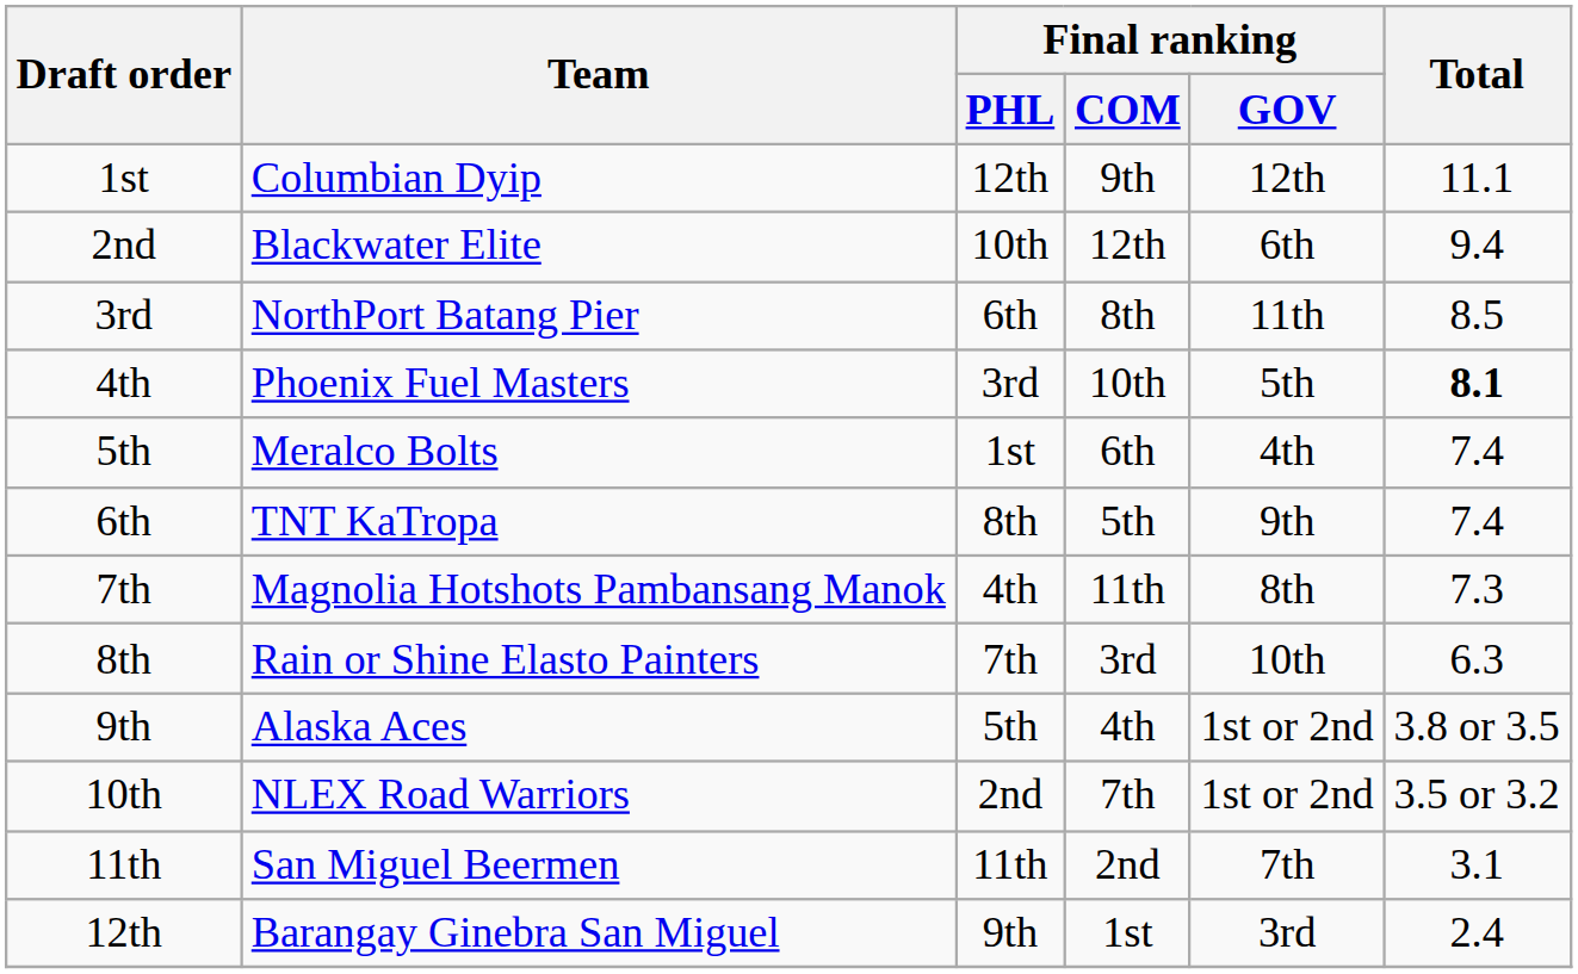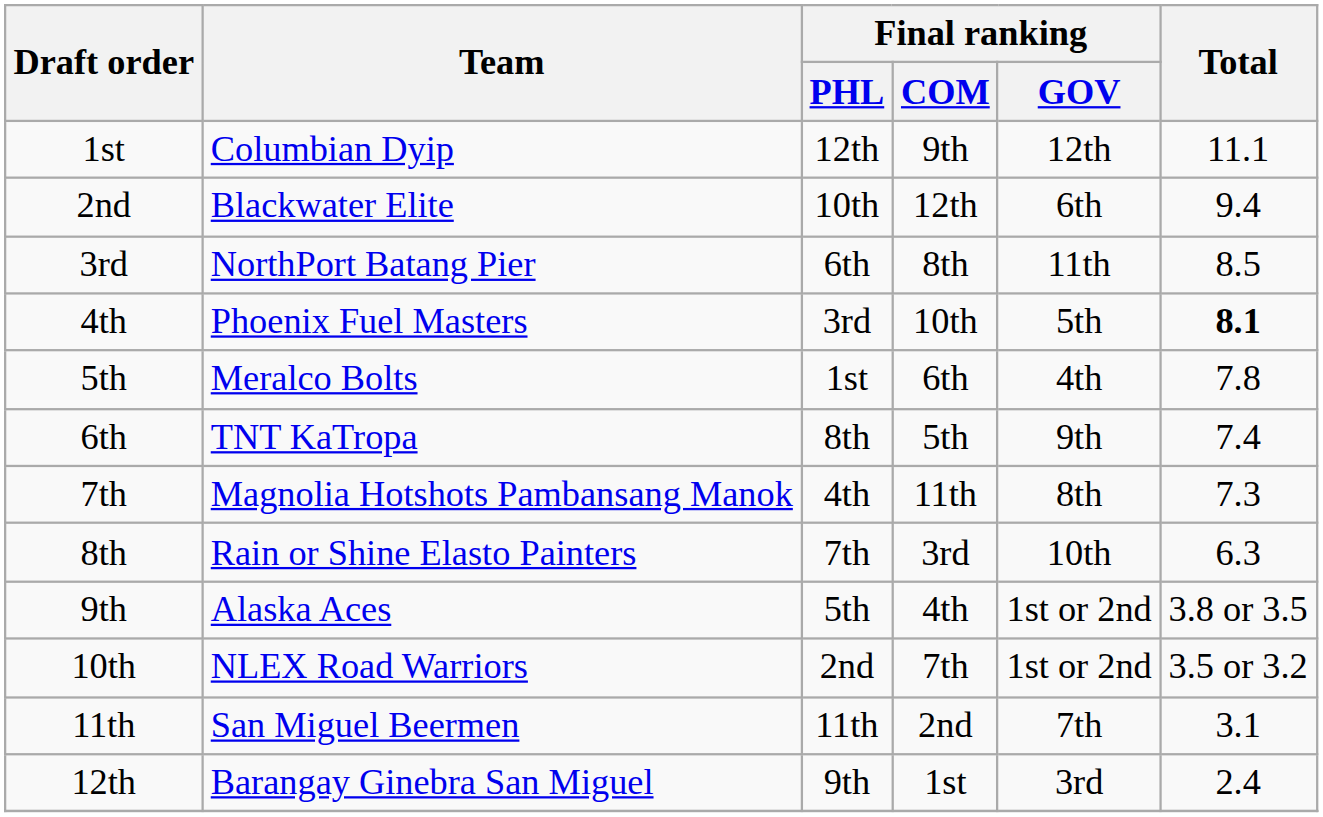 <table class=wikitable style="text-align:center;">
 <tr>
 <th rowspan=2>Draft order</th>
 <th rowspan=2>Team</th>
 <th colspan=3>Final ranking</th>
 <th rowspan=2>Total</th>
 </tr>
 <tr>
 <th><a href='#'>PHL</a></th>
 <th><a href='#'>COM</a></th>
 <th><a href='#'>GOV</a></th>
 </tr>
 <tr>
 <td>1st</td>
 <td align="left"><a href='#'>Columbian Dyip</a></td>
 <td>12th</td>
 <td>9th</td>
 <td>12th</td>
 <td>11.1</td>
 </tr>
 <tr>
 <td>2nd</td>
 <td align="left"><a href='#'>Blackwater Elite</a></td>
 <td>10th</td>
 <td>12th</td>
 <td>6th</td>
 <td>9.4</td>
 </tr>
 <tr>
 <td>3rd</td>
 <td align="left"><a href='#'>NorthPort Batang Pier</a></td>
 <td>6th</td>
 <td>8th</td>
 <td>11th</td>
 <td>8.5</td>
 </tr>
 <tr>
 <td>4th</td>
 <td align="left"><a href='#'>Phoenix Fuel Masters</a></td>
 <td>3rd</td>
 <td>10th</td>
 <td>5th</td>
 <td><strong>8.1</strong></td>
 </tr>
 <tr>
 <td>5th</td>
 <td align="left"><a href='#'>Meralco Bolts</a></td>
 <td>1st</td>
 <td>6th</td>
 <td>4th</td>
-<td>7.4</td>
+<td>7.8</td>
 </tr>
 <tr>
 <td>6th</td>
 <td align="left"><a href='#'>TNT KaTropa</a></td>
 <td>8th</td>
 <td>5th</td>
 <td>9th</td>
 <td>7.4</td>
 </tr>
 <tr>
 <td>7th</td>
 <td align="left"><a href='#'>Magnolia Hotshots Pambansang Manok</a></td>
 <td>4th</td>
 <td>11th</td>
 <td>8th</td>
 <td>7.3</td>
 </tr>
 <tr>
 <td>8th</td>
 <td align="left"><a href='#'>Rain or Shine Elasto Painters</a></td>
 <td>7th</td>
 <td>3rd</td>
 <td>10th</td>
 <td>6.3</td>
 </tr>
 <tr>
 <td>9th</td>
 <td align="left"><a href='#'>Alaska Aces</a></td>
 <td>5th</td>
 <td>4th</td>
 <td>1st or 2nd</td>
 <td>3.8 or 3.5</td>
 </tr>
 <tr>
 <td>10th</td>
 <td align="left"><a href='#'>NLEX Road Warriors</a></td>
 <td>2nd</td>
 <td>7th</td>
 <td>1st or 2nd</td>
 <td>3.5 or 3.2</td>
 </tr>
 <tr>
 <td>11th</td>
 <td align="left"><a href='#'>San Miguel Beermen</a></td>
 <td>11th</td>
 <td>2nd</td>
 <td>7th</td>
 <td>3.1</td>
 </tr>
 <tr>
 <td>12th</td>
 <td align="left"><a href='#'>Barangay Ginebra San Miguel</a></td>
 <td>9th</td>
 <td>1st</td>
 <td>3rd</td>
 <td>2.4</td>
 </tr>
 <tr>
 </tr>
 </table>
